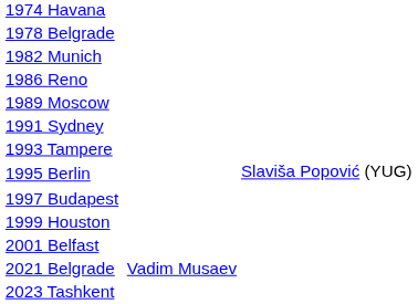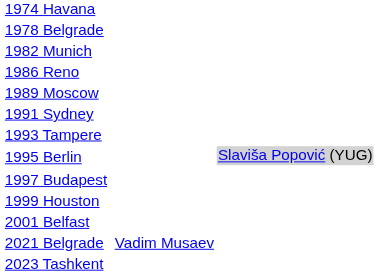 <table>
 <tr>
 <td rowspan=2><a href='#'>1974 Havana</a></td>
 <td rowspan=2></td>
 <td rowspan=2></td>
 <td></td>
 </tr>
 <tr>
 <td></td>
 </tr>
 <tr>
 <td rowspan=2><a href='#'>1978 Belgrade</a></td>
 <td rowspan=2></td>
 <td rowspan=2></td>
 <td></td>
 </tr>
 <tr>
 <td></td>
 </tr>
 <tr>
 <td rowspan=2><a href='#'>1982 Munich</a></td>
 <td rowspan=2></td>
 <td rowspan=2></td>
 <td></td>
 </tr>
 <tr>
 <td></td>
 </tr>
 <tr>
 <td rowspan=2><a href='#'>1986 Reno</a></td>
 <td rowspan=2></td>
 <td rowspan=2></td>
 <td></td>
 </tr>
 <tr>
 <td></td>
 </tr>
 <tr>
 <td rowspan=2><a href='#'>1989 Moscow</a></td>
 <td rowspan=2></td>
 <td rowspan=2></td>
 <td></td>
 </tr>
 <tr>
 <td></td>
 </tr>
 <tr>
 <td rowspan=2><a href='#'>1991 Sydney</a></td>
 <td rowspan=2></td>
 <td rowspan=2></td>
 <td></td>
 </tr>
 <tr>
 <td></td>
 </tr>
 <tr>
 <td rowspan=2><a href='#'>1993 Tampere</a></td>
 <td rowspan=2></td>
 <td rowspan=2></td>
 <td></td>
 </tr>
 <tr>
 <td></td>
 </tr>
 <tr>
 <td rowspan=2><a href='#'>1995 Berlin</a></td>
 <td rowspan=2></td>
 <td rowspan=2></td>
-<td> <a href='#'>Slaviša Popović</a> (YUG)</td>
+<td style="background: lightgrey;"> <a href='#'>Slaviša Popović</a> (YUG)</td>
 </tr>
 <tr>
 <td></td>
 </tr>
 <tr>
 <td rowspan=2><a href='#'>1997 Budapest</a></td>
 <td rowspan=2></td>
 <td rowspan=2></td>
 <td></td>
 </tr>
 <tr>
 <td></td>
 </tr>
 <tr>
 <td rowspan=2><a href='#'>1999 Houston</a></td>
 <td rowspan=2></td>
 <td rowspan=2></td>
 <td></td>
 </tr>
 <tr>
 <td></td>
 </tr>
 <tr>
 <td rowspan=2><a href='#'>2001 Belfast</a></td>
 <td rowspan=2></td>
 <td rowspan=2></td>
 <td></td>
 </tr>
 <tr>
 <td></td>
 </tr>
 <tr>
 <td rowspan=2><a href='#'>2021 Belgrade</a></td>
 <td rowspan=2></td>
 <td rowspan=2> <a href='#'>Vadim Musaev</a> </td>
 <td></td>
 </tr>
 <tr>
 <td></td>
 </tr>
 <tr>
 <td rowspan=2><a href='#'>2023 Tashkent</a></td>
 <td rowspan=2></td>
 <td rowspan=2></td>
 <td></td>
 </tr>
 <tr>
 <td></td>
 </tr>
 </table>
